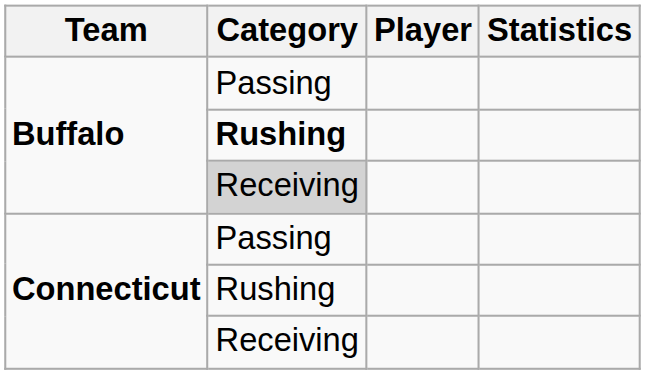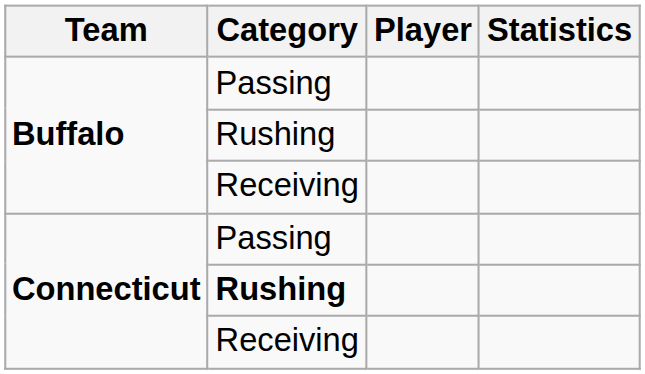 <table class="wikitable" style="float: right;">
 <tr>
 <th>Team</th>
 <th>Category</th>
 <th>Player</th>
 <th>Statistics</th>
 </tr>
 <tr>
 <td rowspan=3><strong>Buffalo</strong></td>
 <td>Passing</td>
 <td></td>
 <td></td>
 </tr>
 <tr>
-<td><strong>Rushing</strong></td>
+<td>Rushing</td>
 <td></td>
 <td></td>
 </tr>
 <tr>
-<td style="background: lightgrey;">Receiving</td>
+<td>Receiving</td>
 <td></td>
 <td></td>
 </tr>
 <tr>
 <td rowspan=3><strong>Connecticut</strong></td>
 <td>Passing</td>
 <td></td>
 <td></td>
 </tr>
 <tr>
-<td>Rushing</td>
+<td><strong>Rushing</strong></td>
 <td></td>
 <td></td>
 </tr>
 <tr>
 <td>Receiving</td>
 <td></td>
 <td></td>
 </tr>
 </table>
